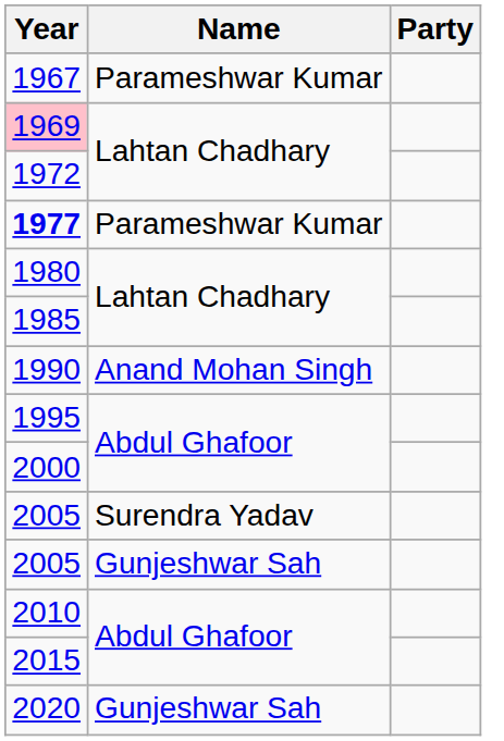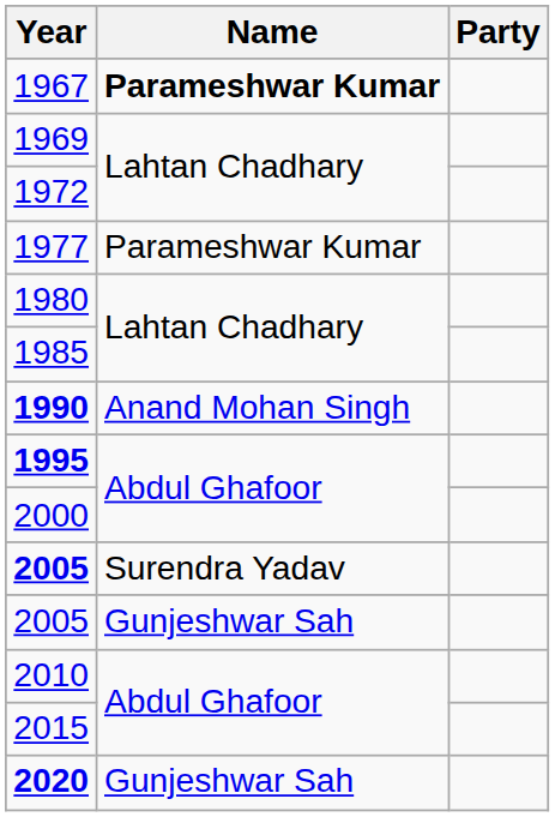 <table class="wikitable sortable">
 <tr>
 <th>Year</th>
 <th>Name</th>
 <th colspan="2">Party</th>
 </tr>
 <tr>
 <td><a href='#'>1967</a></td>
-<td>Parameshwar Kumar</td>
+<td><strong>Parameshwar Kumar</strong></td>
 <td></td>
 </tr>
 <tr>
-<td style="background: pink;"><a href='#'>1969</a></td>
+<td><a href='#'>1969</a></td>
 <td rowspan="2">Lahtan Chadhary</td>
 <td></td>
 </tr>
 <tr>
 <td><a href='#'>1972</a></td>
 </tr>
 <tr>
-<td><strong><a href='#'>1977</a></strong></td>
+<td><a href='#'>1977</a></td>
 <td>Parameshwar Kumar</td>
 <td></td>
 </tr>
 <tr>
 <td><a href='#'>1980</a></td>
 <td rowspan="2">Lahtan Chadhary</td>
 <td></td>
 </tr>
 <tr>
 <td><a href='#'>1985</a></td>
 <td></td>
 </tr>
 <tr>
-<td><a href='#'>1990</a></td>
+<td><strong><a href='#'>1990</a></strong></td>
 <td><a href='#'>Anand Mohan Singh</a></td>
 <td></td>
 </tr>
 <tr>
-<td><a href='#'>1995</a></td>
+<td><strong><a href='#'>1995</a></strong></td>
 <td rowspan="2"><a href='#'>Abdul Ghafoor</a></td>
 </tr>
 <tr>
 <td><a href='#'>2000</a></td>
 <td></td>
 </tr>
 <tr>
-<td><a href='#'>2005</a></td>
+<td><strong><a href='#'>2005</a></strong></td>
 <td>Surendra Yadav</td>
 <td></td>
 </tr>
 <tr>
 <td><a href='#'>2005</a></td>
 <td><a href='#'>Gunjeshwar Sah</a></td>
 <td></td>
 </tr>
 <tr>
 <td><a href='#'>2010</a></td>
 <td rowspan="2"><a href='#'>Abdul Ghafoor</a></td>
 <td></td>
 </tr>
 <tr>
 <td><a href='#'>2015</a></td>
 </tr>
 <tr>
-<td><a href='#'>2020</a></td>
+<td><strong><a href='#'>2020</a></strong></td>
 <td><a href='#'>Gunjeshwar Sah</a></td>
 <td></td>
 </tr>
 </table>
